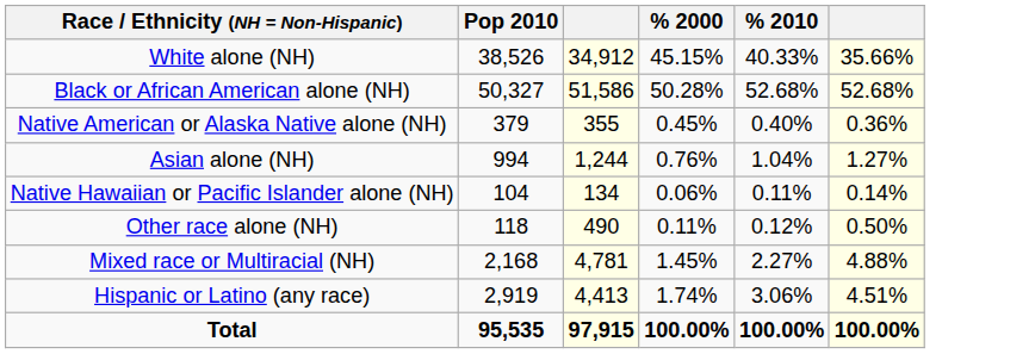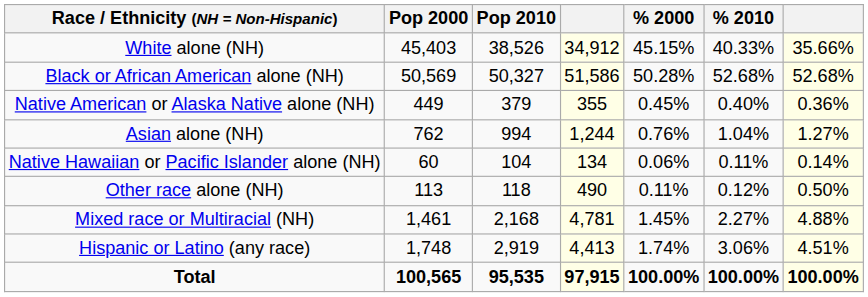 <table class="wikitable" style="text-align:center;">
 <tr>
 <th>Race / Ethnicity <small>(<em>NH = Non-Hispanic</em>)</small></th>
+<th>Pop 2000</th>
 <th>Pop 2010</th>
 <th></th>
 <th>% 2000</th>
 <th>% 2010</th>
 <th></th>
 </tr>
 <tr>
 <td><a href='#'>White</a> alone (NH)</td>
+<td>45,403</td>
 <td>38,526</td>
 <td style='background: #ffffe6;'>34,912</td>
 <td>45.15%</td>
 <td>40.33%</td>
 <td style='background: #ffffe6;'>35.66%</td>
 </tr>
 <tr>
 <td><a href='#'>Black or African American</a> alone (NH)</td>
+<td>50,569</td>
 <td>50,327</td>
 <td style='background: #ffffe6;'>51,586</td>
 <td>50.28%</td>
 <td>52.68%</td>
 <td style='background: #ffffe6;'>52.68%</td>
 </tr>
 <tr>
 <td><a href='#'>Native American</a> or <a href='#'>Alaska Native</a> alone (NH)</td>
+<td>449</td>
 <td>379</td>
 <td style='background: #ffffe6;'>355</td>
 <td>0.45%</td>
 <td>0.40%</td>
 <td style='background: #ffffe6;'>0.36%</td>
 </tr>
 <tr>
 <td><a href='#'>Asian</a> alone (NH)</td>
+<td>762</td>
 <td>994</td>
 <td style='background: #ffffe6;'>1,244</td>
 <td>0.76%</td>
 <td>1.04%</td>
 <td style='background: #ffffe6;'>1.27%</td>
 </tr>
 <tr>
 <td><a href='#'>Native Hawaiian</a> or <a href='#'>Pacific Islander</a> alone (NH)</td>
+<td>60</td>
 <td>104</td>
 <td style='background: #ffffe6;'>134</td>
 <td>0.06%</td>
 <td>0.11%</td>
 <td style='background: #ffffe6;'>0.14%</td>
 </tr>
 <tr>
 <td><a href='#'>Other race</a> alone (NH)</td>
+<td>113</td>
 <td>118</td>
 <td style='background: #ffffe6;'>490</td>
 <td>0.11%</td>
 <td>0.12%</td>
 <td style='background: #ffffe6;'>0.50%</td>
 </tr>
 <tr>
 <td><a href='#'>Mixed race or Multiracial</a> (NH)</td>
+<td>1,461</td>
 <td>2,168</td>
 <td style='background: #ffffe6;'>4,781</td>
 <td>1.45%</td>
 <td>2.27%</td>
 <td style='background: #ffffe6;'>4.88%</td>
 </tr>
 <tr>
 <td><a href='#'>Hispanic or Latino</a> (any race)</td>
+<td>1,748</td>
 <td>2,919</td>
 <td style='background: #ffffe6;'>4,413</td>
 <td>1.74%</td>
 <td>3.06%</td>
 <td style='background: #ffffe6;'>4.51%</td>
 </tr>
 <tr>
 <td><strong>Total</strong></td>
+<td><strong>100,565</strong></td>
 <td><strong>95,535</strong></td>
 <td style='background: #ffffe6;'><strong>97,915</strong></td>
 <td><strong>100.00%</strong></td>
 <td><strong>100.00%</strong></td>
 <td style='background: #ffffe6;'><strong>100.00%</strong></td>
 </tr>
 </table>
